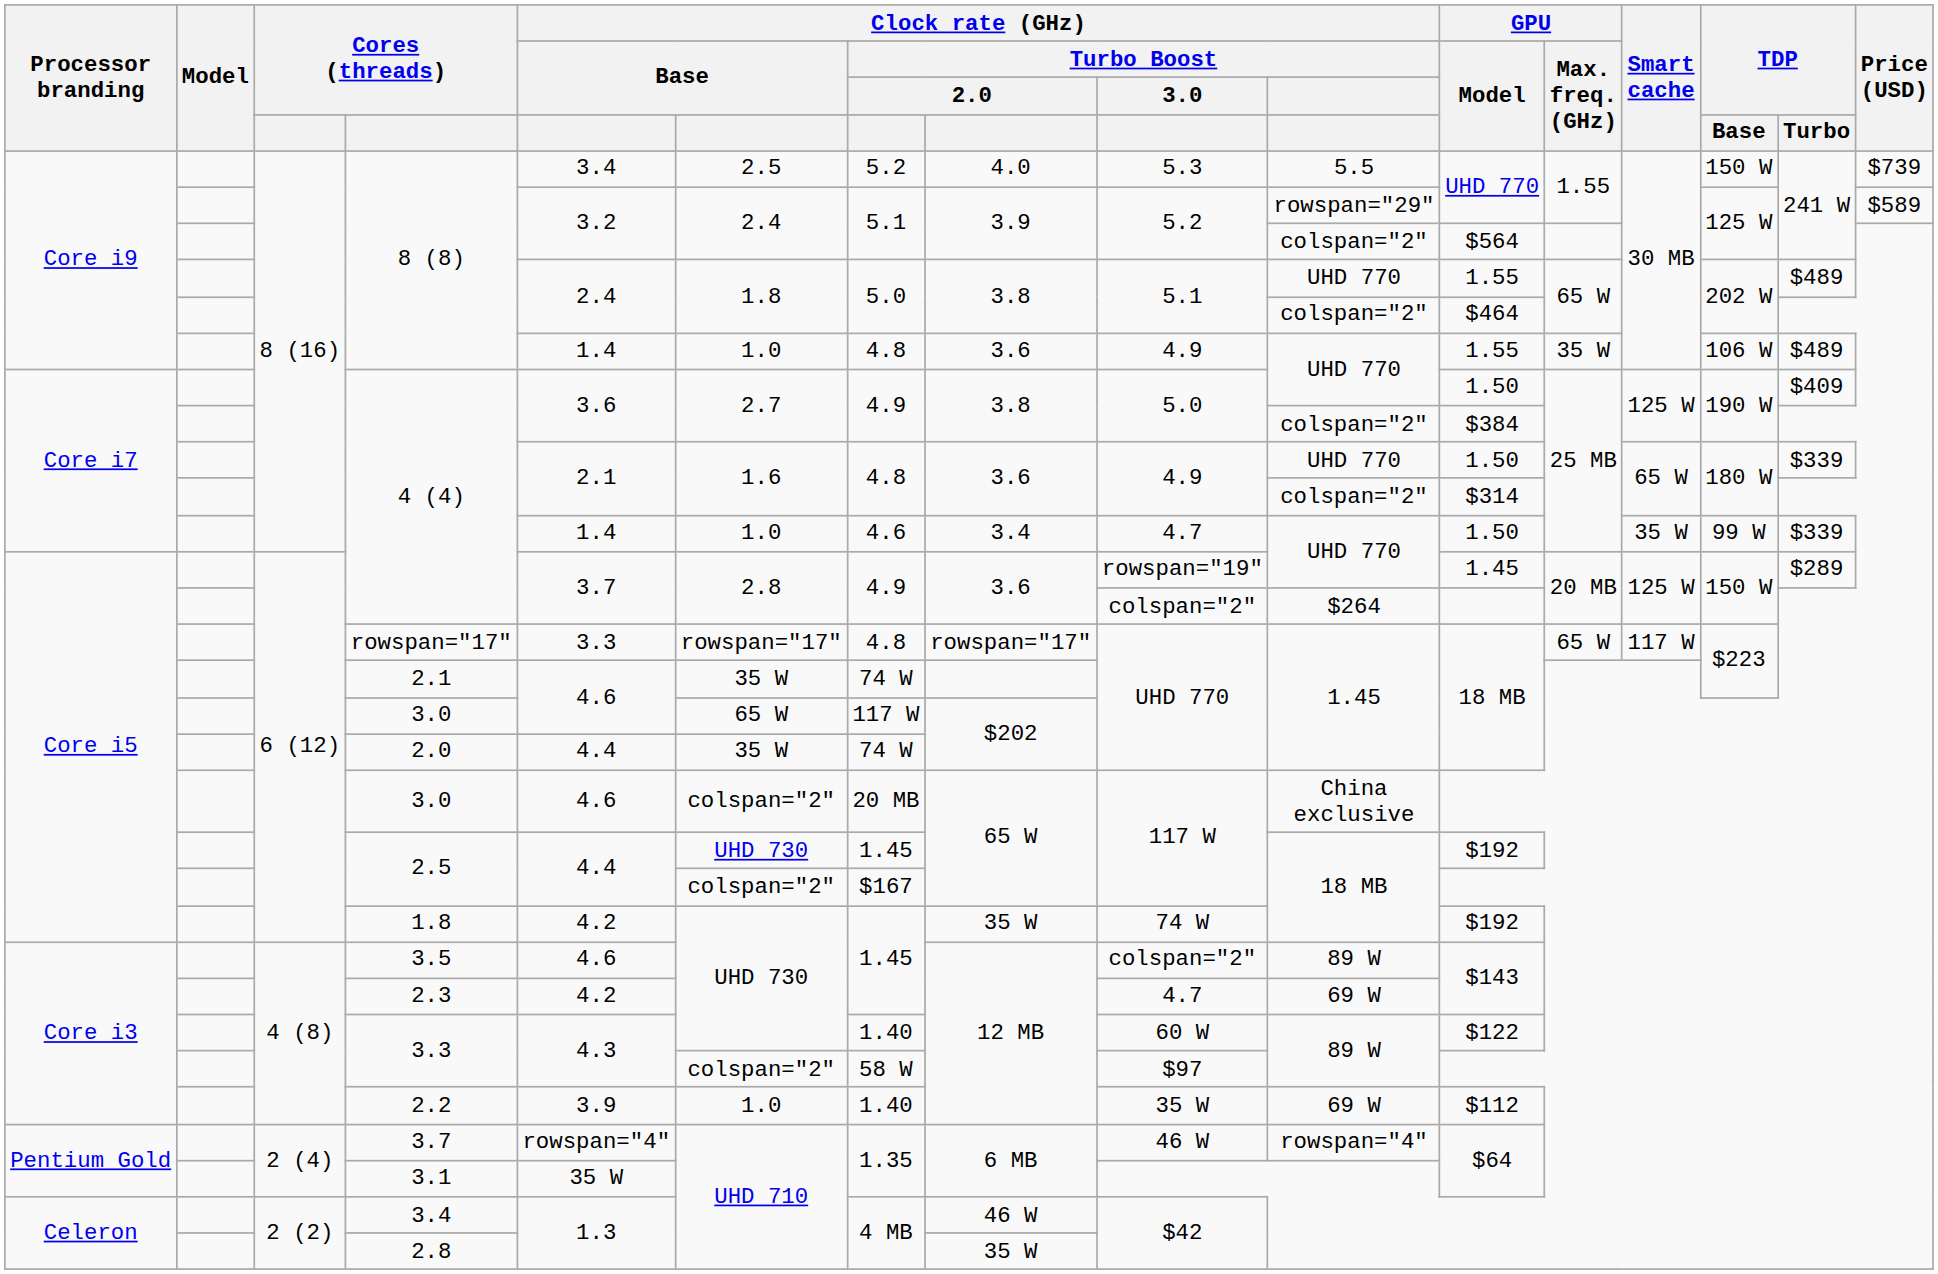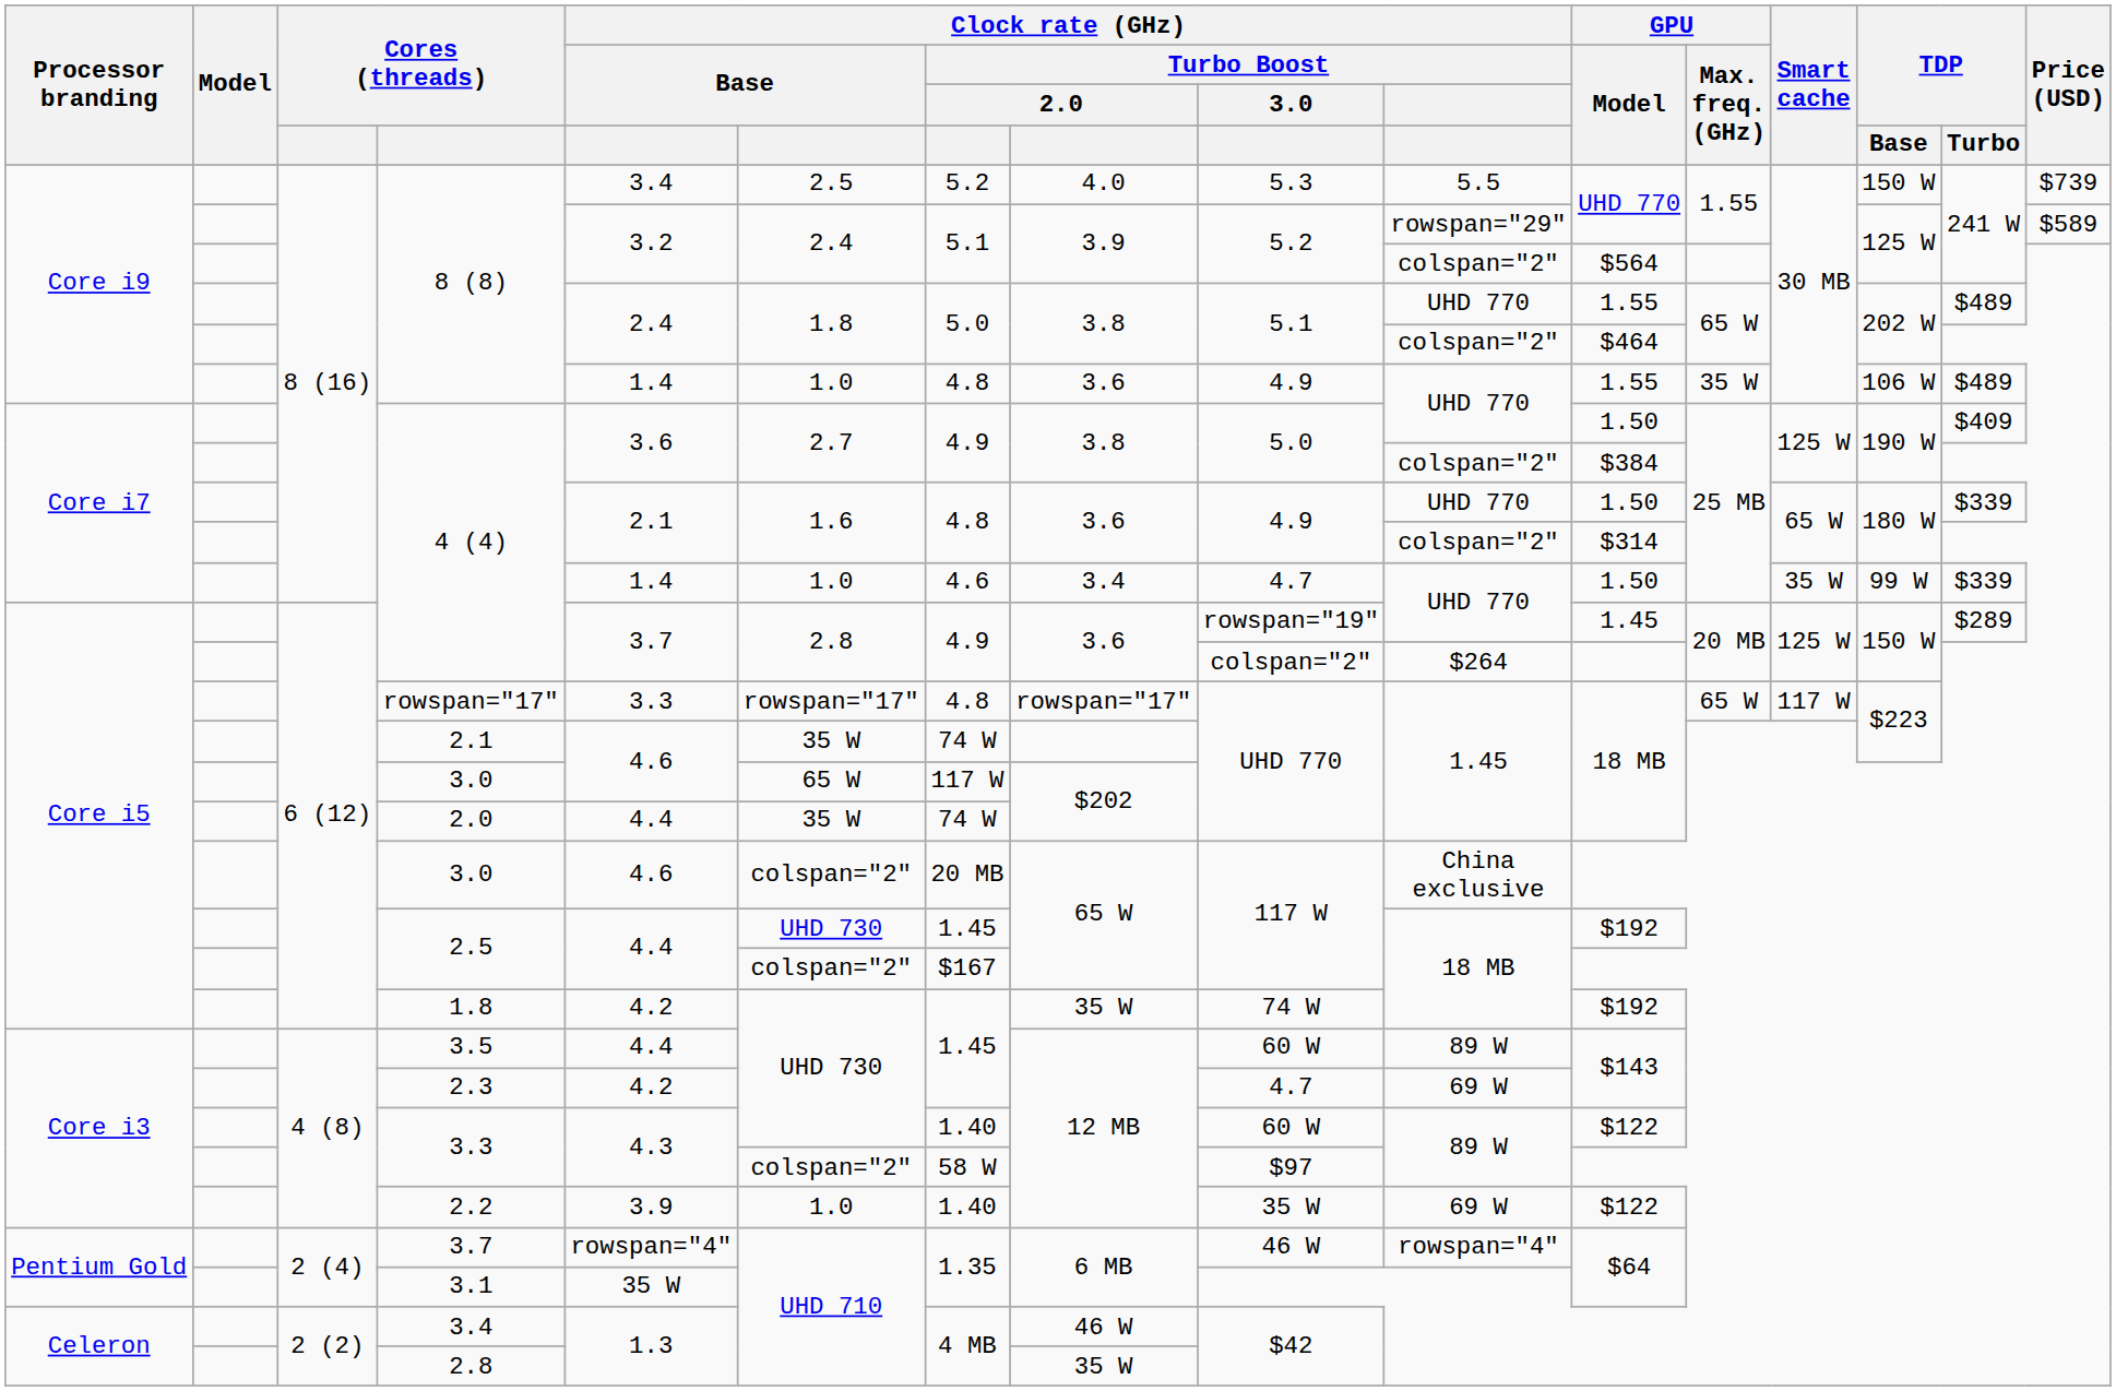 <table class="wikitable sortable hover-highlight" style="text-align:center;">
 <tr>
 <th rowspan="4">Processor <br>branding</th>
 <th rowspan="4">Model</th>
 <th colspan="2" rowspan="3"><a href='#'>Cores</a> <br>(<a href='#'>threads</a>)</th>
 <th colspan="6"><a href='#'>Clock rate</a> (GHz)</th>
 <th colspan="2"><a href='#'>GPU</a></th>
 <th rowspan="4"><a href='#'>Smart <br>cache</a></th>
 <th colspan="2" rowspan="3"><a href='#'>TDP</a></th>
 <th rowspan="4">Price <br>(USD)</th>
 </tr>
 <tr>
 <th colspan="2" rowspan="2">Base</th>
 <th colspan="4"><a href='#'>Turbo Boost</a></th>
 <th rowspan="3">Model</th>
 <th rowspan="3">Max.<br>freq.<br>(GHz)</th>
 </tr>
 <tr>
 <th colspan="2">2.0</th>
 <th>3.0</th>
 <th></th>
 </tr>
 <tr>
 <th></th>
 <th></th>
 <th></th>
 <th></th>
 <th></th>
 <th></th>
 <th></th>
 <th></th>
 <th>Base</th>
 <th>Turbo</th>
 </tr>
 <tr>
 <td rowspan="6"><a href='#'>Core i9</a></td>
 <td></td>
 <td rowspan="11">8 (16)</td>
 <td rowspan="6">8 (8)</td>
 <td>3.4</td>
 <td>2.5</td>
 <td>5.2</td>
 <td>4.0</td>
 <td>5.3</td>
 <td>5.5</td>
 <td rowspan="2"><a href='#'>UHD 770</a></td>
 <td rowspan="2">1.55</td>
 <td rowspan="6">30 MB</td>
 <td>150 W</td>
 <td rowspan="3">241 W</td>
 <td>$739</td>
 </tr>
 <tr>
 <td></td>
 <td rowspan="2">3.2</td>
 <td rowspan="2">2.4</td>
 <td rowspan="2">5.1</td>
 <td rowspan="2">3.9</td>
 <td rowspan="2">5.2</td>
 <td>rowspan="29" </td>
 <td rowspan="2">125 W</td>
 <td>$589</td>
 </tr>
 <tr>
 <td></td>
 <td>colspan="2" </td>
 <td>$564</td>
 </tr>
 <tr>
 <td></td>
 <td rowspan="2">2.4</td>
 <td rowspan="2">1.8</td>
 <td rowspan="2">5.0</td>
 <td rowspan="2">3.8</td>
 <td rowspan="2">5.1</td>
 <td>UHD 770</td>
 <td>1.55</td>
 <td rowspan="2">65 W</td>
 <td rowspan="2">202 W</td>
 <td>$489</td>
 </tr>
 <tr>
 <td></td>
 <td>colspan="2" </td>
 <td>$464</td>
 </tr>
 <tr>
 <td></td>
 <td>1.4</td>
 <td>1.0</td>
 <td>4.8</td>
 <td>3.6</td>
 <td>4.9</td>
 <td rowspan="2">UHD 770</td>
 <td>1.55</td>
 <td>35 W</td>
 <td>106 W</td>
 <td>$489</td>
 </tr>
 <tr>
 <td rowspan="5"><a href='#'>Core i7</a></td>
 <td></td>
 <td rowspan="7">4 (4)</td>
 <td rowspan="2">3.6</td>
 <td rowspan="2">2.7</td>
 <td rowspan="2">4.9</td>
 <td rowspan="2">3.8</td>
 <td rowspan="2">5.0</td>
 <td>1.50</td>
 <td rowspan="5">25 MB</td>
 <td rowspan="2">125 W</td>
 <td rowspan="2">190 W</td>
 <td>$409</td>
 </tr>
 <tr>
 <td></td>
 <td>colspan="2" </td>
 <td>$384</td>
 </tr>
 <tr>
 <td></td>
 <td rowspan="2">2.1</td>
 <td rowspan="2">1.6</td>
 <td rowspan="2">4.8</td>
 <td rowspan="2">3.6</td>
 <td rowspan="2">4.9</td>
 <td>UHD 770</td>
 <td>1.50</td>
 <td rowspan="2">65 W</td>
 <td rowspan="2">180 W</td>
 <td>$339</td>
 </tr>
 <tr>
 <td></td>
 <td>colspan="2" </td>
 <td>$314</td>
 </tr>
 <tr>
 <td></td>
 <td>1.4</td>
 <td>1.0</td>
 <td>4.6</td>
 <td>3.4</td>
 <td>4.7</td>
 <td rowspan="2">UHD 770</td>
 <td>1.50</td>
 <td>35 W</td>
 <td>99 W</td>
 <td>$339</td>
 </tr>
 <tr>
 <td rowspan="10"><a href='#'>Core i5</a></td>
 <td></td>
 <td rowspan="10">6 (12)</td>
 <td rowspan="2">3.7</td>
 <td rowspan="2">2.8</td>
 <td rowspan="2">4.9</td>
 <td rowspan="2">3.6</td>
 <td>rowspan="19" </td>
 <td>1.45</td>
 <td rowspan="2">20 MB</td>
 <td rowspan="2">125 W</td>
 <td rowspan="2">150 W</td>
 <td>$289</td>
 </tr>
 <tr>
 <td></td>
 <td>colspan="2" </td>
 <td>$264</td>
 </tr>
 <tr>
 <td></td>
 <td>rowspan="17" </td>
 <td>3.3</td>
 <td>rowspan="17" </td>
 <td>4.8</td>
 <td>rowspan="17" </td>
 <td rowspan="4">UHD 770</td>
 <td rowspan="4">1.45</td>
 <td rowspan="4">18 MB</td>
 <td>65 W</td>
 <td>117 W</td>
 <td rowspan="2">$223</td>
 </tr>
 <tr>
 <td></td>
 <td>2.1</td>
 <td rowspan="2">4.6</td>
 <td>35 W</td>
 <td>74 W</td>
 </tr>
 <tr>
 <td></td>
 <td>3.0</td>
 <td>65 W</td>
 <td>117 W</td>
 <td rowspan="2">$202</td>
 </tr>
 <tr>
 <td></td>
 <td>2.0</td>
 <td>4.4</td>
 <td>35 W</td>
 <td>74 W</td>
 </tr>
 <tr>
 <td></td>
 <td>3.0</td>
 <td>4.6</td>
 <td>colspan="2" </td>
 <td>20 MB</td>
 <td rowspan="3">65 W</td>
 <td rowspan="3">117 W</td>
 <td>China<br>exclusive</td>
 </tr>
 <tr>
 <td></td>
 <td rowspan="2">2.5</td>
 <td rowspan="2">4.4</td>
 <td><a href='#'>UHD 730</a></td>
 <td>1.45</td>
 <td rowspan="3">18 MB</td>
 <td>$192</td>
 </tr>
 <tr>
 <td></td>
 <td>colspan="2" </td>
 <td>$167</td>
 </tr>
 <tr>
 <td></td>
 <td>1.8</td>
 <td>4.2</td>
 <td rowspan="4">UHD 730</td>
 <td rowspan="3">1.45</td>
 <td>35 W</td>
 <td>74 W</td>
 <td>$192</td>
 </tr>
 <tr>
 <td rowspan="5"><a href='#'>Core i3</a></td>
 <td></td>
 <td rowspan="5">4 (8)</td>
 <td>3.5</td>
-<td>4.6</td>
+<td>4.4</td>
 <td rowspan="5">12 MB</td>
-<td>colspan="2" </td>
+<td>60 W</td>
 <td>89 W</td>
 <td rowspan="2">$143</td>
 </tr>
 <tr>
 <td></td>
 <td>2.3</td>
 <td>4.2</td>
 <td>4.7</td>
 <td>69 W</td>
 </tr>
 <tr>
 <td></td>
 <td rowspan="2">3.3</td>
 <td rowspan="2">4.3</td>
 <td>1.40</td>
 <td>60 W</td>
 <td rowspan="2">89 W</td>
 <td>$122</td>
 </tr>
 <tr>
 <td></td>
 <td>colspan="2" </td>
 <td>58 W</td>
 <td>$97</td>
 </tr>
 <tr>
 <td></td>
 <td>2.2</td>
 <td>3.9</td>
 <td>1.0</td>
 <td>1.40</td>
 <td>35 W</td>
 <td>69 W</td>
-<td>$112</td>
+<td>$122</td>
 </tr>
 <tr>
 <td rowspan="2"><a href='#'>Pentium Gold</a></td>
 <td></td>
 <td rowspan="2">2 (4)</td>
 <td>3.7</td>
 <td>rowspan="4" </td>
 <td rowspan="4"><a href='#'>UHD 710</a></td>
 <td rowspan="2">1.35</td>
 <td rowspan="2">6 MB</td>
 <td>46 W</td>
 <td>rowspan="4" </td>
 <td rowspan="2">$64</td>
 </tr>
 <tr>
 <td></td>
 <td>3.1</td>
 <td>35 W</td>
 </tr>
 <tr>
 <td rowspan="2"><a href='#'>Celeron</a></td>
 <td></td>
 <td rowspan="2">2 (2)</td>
 <td>3.4</td>
 <td rowspan="2">1.3</td>
 <td rowspan="2">4 MB</td>
 <td>46 W</td>
 <td rowspan="2">$42</td>
 </tr>
 <tr>
 <td></td>
 <td>2.8</td>
 <td>35 W</td>
 </tr>
 </table>
